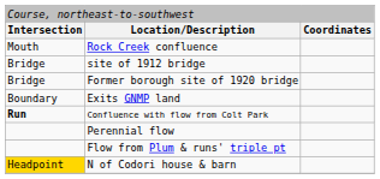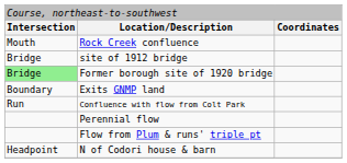 <table class="wikitable">
 <tr>
 <td colspan="6" bgcolor="silver"><em>Course, northeast-to-southwest</em></td>
 </tr>
 <tr>
 <th>Intersection</th>
 <th>Location/Description</th>
 <th>Coordinates</th>
 </tr>
 <tr>
 <td>Mouth</td>
 <td><a href='#'>Rock Creek</a> confluence</td>
 <td></td>
 </tr>
 <tr>
 <td>Bridge</td>
 <td>site of 1912 bridge </td>
 <td></td>
 </tr>
 <tr>
-<td>Bridge</td>
+<td style="background: lightgreen;">Bridge</td>
 <td>Former borough site of 1920 bridge </td>
 <td></td>
 </tr>
 <tr>
 <td>Boundary</td>
 <td>Exits <a href='#'>GNMP</a> land</td>
 <td></td>
 </tr>
 <tr>
-<td><strong>Run</strong></td>
+<td>Run</td>
 <td><small>Confluence with flow from Colt Park</small></td>
 <td><small></small></td>
 </tr>
 <tr>
 <td></td>
 <td>Perennial flow</td>
 <td><small></small></td>
 </tr>
 <tr>
 <td></td>
 <td>Flow from <a href='#'>Plum</a> &  runs' <a href='#'>triple pt</a></td>
 <td></td>
 </tr>
 <tr>
-<td style="background: gold;">Headpoint</td>
+<td>Headpoint</td>
 <td>N of Codori house & barn</td>
 <td><small></small></td>
 </tr>
 <tr>
 </tr>
 </table>
